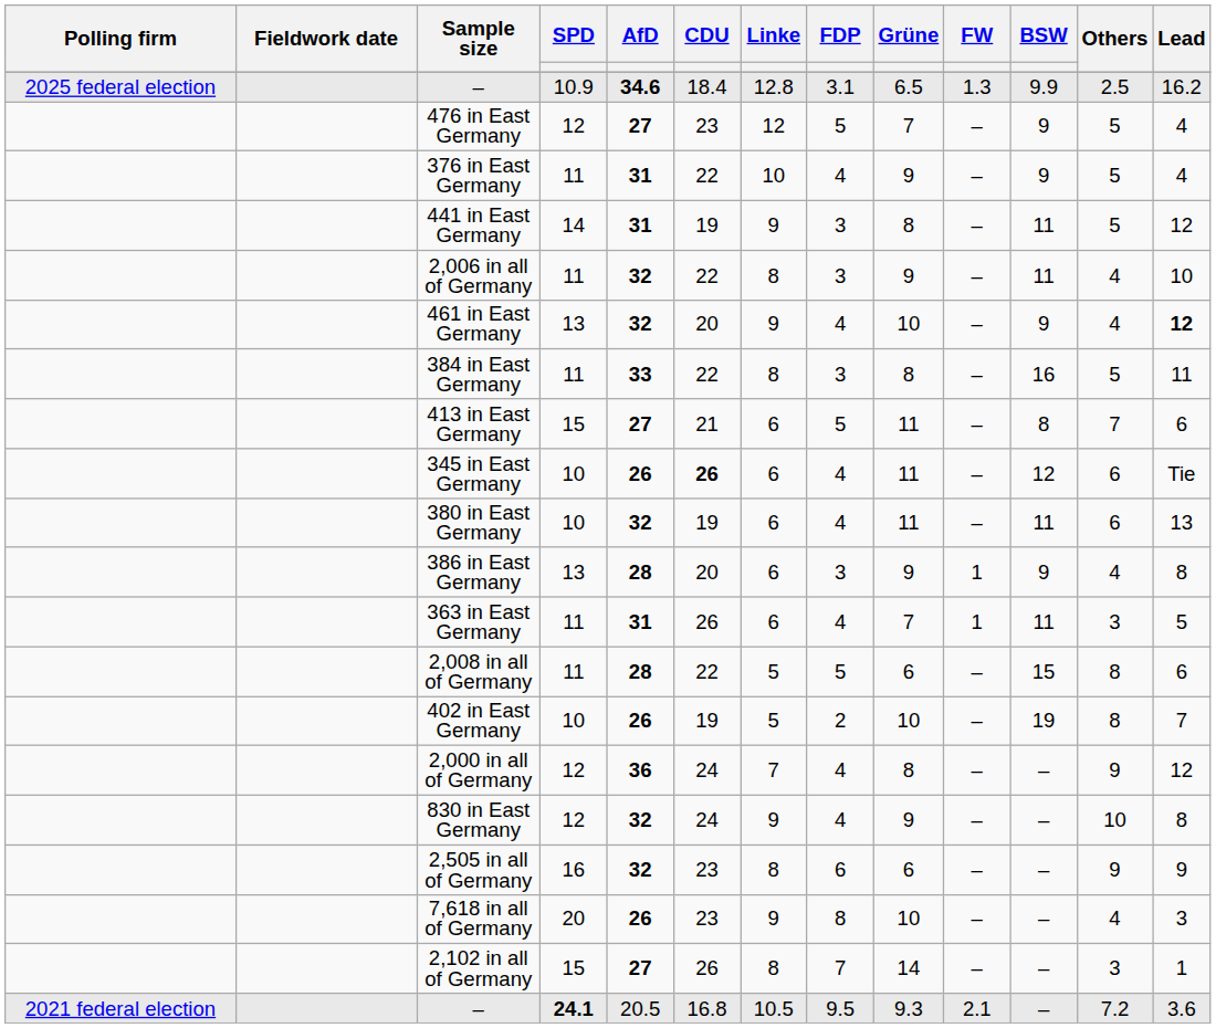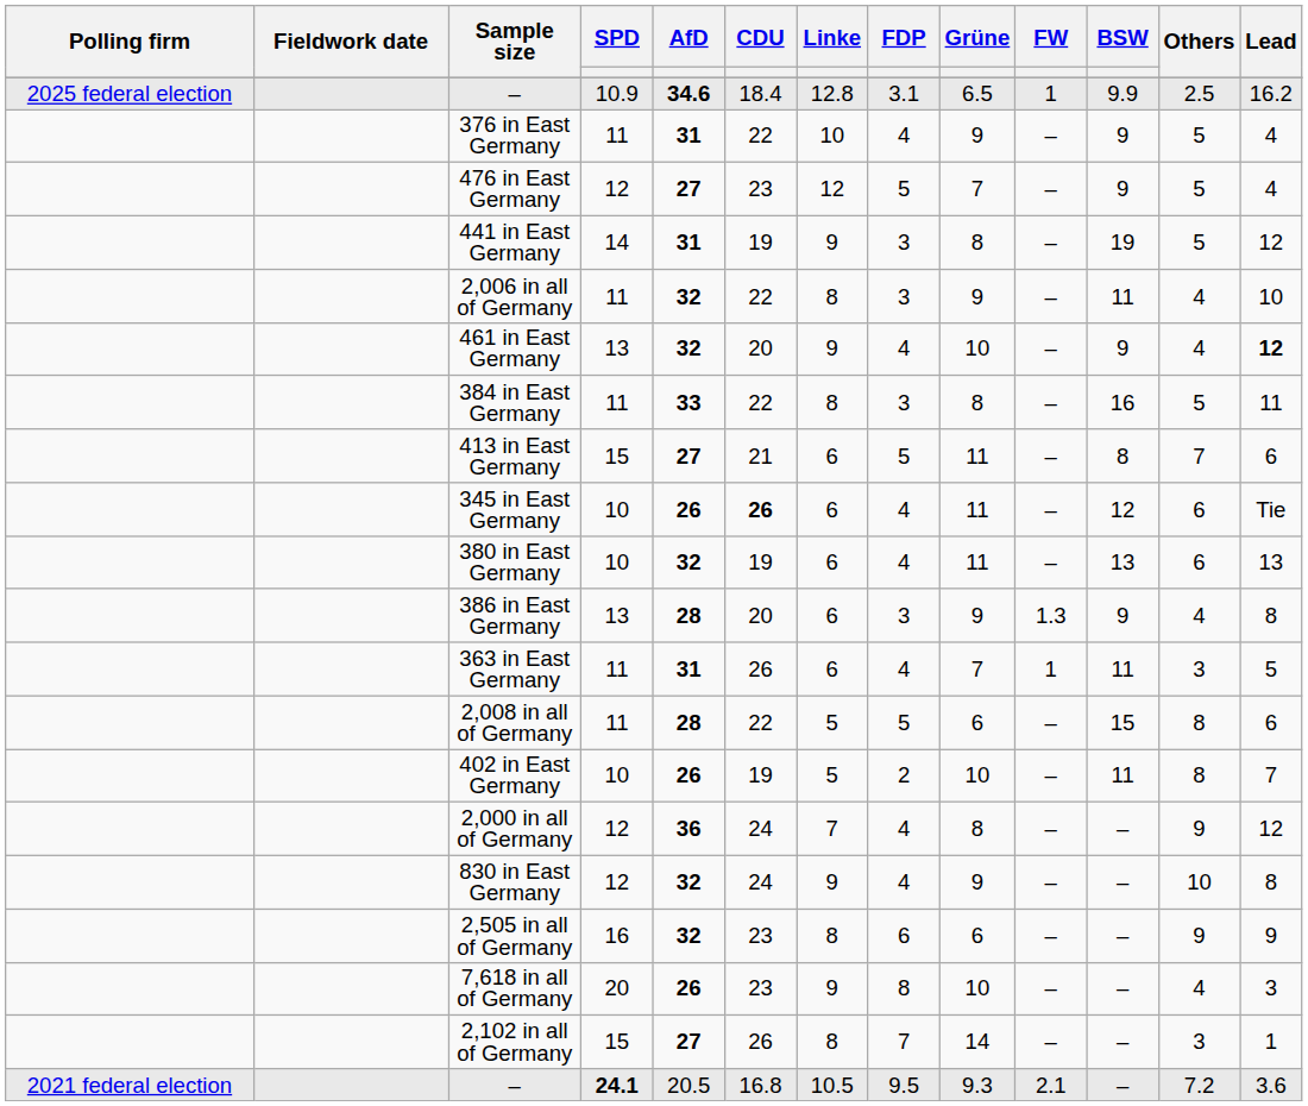 <table class="wikitable sortable mw-datatable mw-collapsible" style="text-align:center;font-size:90%;line-height:14px;">
 <tr style="height:40px;">
 <th style="width:155px;" rowspan="2">Polling firm</th>
 <th style="width:120px;" rowspan="2">Fieldwork date</th>
 <th style="width: 80px;" rowspan="2">Sample<br>size</th>
 <th class="unsortable" style="width:40px;"><a href='#'>SPD</a></th>
 <th class="unsortable" style="width:40px;"><a href='#'>AfD</a></th>
 <th class="unsortable" style="width:40px;"><a href='#'>CDU</a></th>
 <th class="unsortable" style="width:40px;"><a href='#'>Linke</a></th>
 <th class="unsortable" style="width:40px;"><a href='#'>FDP</a></th>
 <th class="unsortable" style="width:40px;"><a href='#'>Grüne</a></th>
 <th class="unsortable" style="width:40px;"><a href='#'>FW</a></th>
 <th class="unsortable" style="width:40px;"><a href='#'>BSW</a></th>
 <th class="unsortable" style="width:30px;" rowspan="2">Others</th>
 <th style="width:30px;" rowspan="2">Lead</th>
 </tr>
 <tr>
 <th style="background:"></th>
 <th style="background:"></th>
 <th style="background:"></th>
 <th style="background:"></th>
 <th style="background:"></th>
 <th style="background:"></th>
 <th style="background:"></th>
 <th style="background:"></th>
 </tr>
 <tr>
 </tr>
 <tr style="background:#E9E9E9;">
 <td><a href='#'>2025 federal election</a></td>
 <td></td>
 <td>–</td>
 <td>10.9</td>
 <td><strong>34.6</strong></td>
 <td>18.4</td>
 <td>12.8</td>
 <td>3.1</td>
 <td>6.5</td>
-<td>1.3</td>
+<td>1</td>
 <td>9.9</td>
 <td>2.5</td>
 <td style="background:">16.2</td>
+</tr>
+<tr>
+<td></td>
+<td></td>
+<td>376 in East Germany</td>
+<td>11</td>
+<td><strong>31</strong></td>
+<td>22</td>
+<td>10</td>
+<td>4</td>
+<td>9</td>
+<td>–</td>
+<td>9</td>
+<td>5</td>
+<td style="background:">4</td>
 </tr>
 <tr>
 <td></td>
 <td></td>
 <td>476 in East Germany</td>
 <td>12</td>
 <td><strong>27</strong></td>
 <td>23</td>
 <td>12</td>
 <td>5</td>
 <td>7</td>
 <td>–</td>
 <td>9</td>
 <td>5</td>
 <td style="background:">4</td>
 </tr>
 <tr>
 <td></td>
 <td></td>
-<td>376 in East Germany</td>
-<td>11</td>
-<td><strong>31</strong></td>
-<td>22</td>
-<td>10</td>
-<td>4</td>
-<td>9</td>
-<td>–</td>
-<td>9</td>
-<td>5</td>
-<td style="background:">4</td>
-</tr>
-<tr>
-<td></td>
-<td></td>
 <td>441 in East Germany</td>
 <td>14</td>
 <td><strong>31</strong></td>
 <td>19</td>
 <td>9</td>
 <td>3</td>
 <td>8</td>
 <td>–</td>
-<td>11</td>
+<td>19</td>
 <td>5</td>
 <td style="background:">12</td>
 </tr>
 <tr>
 <td></td>
 <td></td>
 <td>2,006 in all of Germany</td>
 <td>11</td>
 <td><strong>32</strong></td>
 <td>22</td>
 <td>8</td>
 <td>3</td>
 <td>9</td>
 <td>–</td>
 <td>11</td>
 <td>4</td>
 <td style="background:">10</td>
 </tr>
 <tr>
 <td></td>
 <td></td>
 <td>461 in East Germany</td>
 <td>13</td>
 <td><strong>32</strong></td>
 <td>20</td>
 <td>9</td>
 <td>4</td>
 <td>10</td>
 <td>–</td>
 <td>9</td>
 <td>4</td>
 <td style="background:"><strong>12</strong></td>
 </tr>
 <tr>
 <td></td>
 <td></td>
 <td>384 in East Germany</td>
 <td>11</td>
 <td><strong>33</strong></td>
 <td>22</td>
 <td>8</td>
 <td>3</td>
 <td>8</td>
 <td>–</td>
 <td>16</td>
 <td>5</td>
 <td style="background:">11</td>
 </tr>
 <tr>
 <td></td>
 <td></td>
 <td>413 in East Germany</td>
 <td>15</td>
 <td><strong>27</strong></td>
 <td>21</td>
 <td>6</td>
 <td>5</td>
 <td>11</td>
 <td>–</td>
 <td>8</td>
 <td>7</td>
 <td style="background:">6</td>
 </tr>
 <tr>
 <td></td>
 <td></td>
 <td>345 in East Germany</td>
 <td>10</td>
 <td><strong>26</strong></td>
 <td><strong>26</strong></td>
 <td>6</td>
 <td>4</td>
 <td>11</td>
 <td>–</td>
 <td>12</td>
 <td>6</td>
 <td>Tie</td>
 </tr>
 <tr>
 <td></td>
 <td></td>
 <td>380 in East Germany</td>
 <td>10</td>
 <td><strong>32</strong></td>
 <td>19</td>
 <td>6</td>
 <td>4</td>
 <td>11</td>
 <td>–</td>
-<td>11</td>
+<td>13</td>
 <td>6</td>
 <td style="background:">13</td>
 </tr>
 <tr>
 <td></td>
 <td></td>
 <td>386 in East Germany</td>
 <td>13</td>
 <td><strong>28</strong></td>
 <td>20</td>
 <td>6</td>
 <td>3</td>
 <td>9</td>
-<td>1</td>
+<td>1.3</td>
 <td>9</td>
 <td>4</td>
 <td style="background:">8</td>
 </tr>
 <tr>
 <td></td>
 <td></td>
 <td>363 in East Germany</td>
 <td>11</td>
 <td><strong>31</strong></td>
 <td>26</td>
 <td>6</td>
 <td>4</td>
 <td>7</td>
 <td>1</td>
 <td>11</td>
 <td>3</td>
 <td style="background:">5</td>
 </tr>
 <tr>
 <td></td>
 <td></td>
 <td>2,008 in all of Germany</td>
 <td>11</td>
 <td><strong>28</strong></td>
 <td>22</td>
 <td>5</td>
 <td>5</td>
 <td>6</td>
 <td>–</td>
 <td>15</td>
 <td>8</td>
 <td style="background:">6</td>
 </tr>
 <tr>
 <td></td>
 <td></td>
 <td>402 in East Germany</td>
 <td>10</td>
 <td><strong>26</strong></td>
 <td>19</td>
 <td>5</td>
 <td>2</td>
 <td>10</td>
 <td>–</td>
-<td>19</td>
+<td>11</td>
 <td>8</td>
 <td style="background:">7</td>
 </tr>
 <tr>
 <td></td>
 <td></td>
 <td>2,000 in all of Germany</td>
 <td>12</td>
 <td><strong>36</strong></td>
 <td>24</td>
 <td>7</td>
 <td>4</td>
 <td>8</td>
 <td>–</td>
 <td>–</td>
 <td>9</td>
 <td style="background:">12</td>
 </tr>
 <tr>
 <td></td>
 <td></td>
 <td>830 in East Germany</td>
 <td>12</td>
 <td><strong>32</strong></td>
 <td>24</td>
 <td>9</td>
 <td>4</td>
 <td>9</td>
 <td>–</td>
 <td>–</td>
 <td>10</td>
 <td style="background:">8</td>
 </tr>
 <tr>
 <td></td>
 <td></td>
 <td>2,505 in all of Germany</td>
 <td>16</td>
 <td><strong>32</strong></td>
 <td>23</td>
 <td>8</td>
 <td>6</td>
 <td>6</td>
 <td>–</td>
 <td>–</td>
 <td>9</td>
 <td style="background:">9</td>
 </tr>
 <tr>
 <td></td>
 <td></td>
 <td>7,618 in all of Germany</td>
 <td>20</td>
 <td><strong>26</strong></td>
 <td>23</td>
 <td>9</td>
 <td>8</td>
 <td>10</td>
 <td>–</td>
 <td>–</td>
 <td>4</td>
 <td style="background:">3</td>
 </tr>
 <tr>
 <td></td>
 <td></td>
 <td>2,102 in all of Germany</td>
 <td>15</td>
 <td><strong>27</strong></td>
 <td>26</td>
 <td>8</td>
 <td>7</td>
 <td>14</td>
 <td>–</td>
 <td>–</td>
 <td>3</td>
 <td style="background:">1</td>
 </tr>
 <tr style="background:#E9E9E9;">
 <td><a href='#'>2021 federal election</a></td>
 <td></td>
 <td>–</td>
 <td><strong>24.1</strong></td>
 <td style="background:#E9E9E9;">20.5</td>
 <td style="background:#E9E9E9;">16.8</td>
 <td style="background:#E9E9E9;">10.5</td>
 <td style="background:#E9E9E9;">9.5</td>
 <td style="background:#E9E9E9;">9.3</td>
 <td style="background:#E9E9E9;">2.1</td>
 <td style="background:#E9E9E9;">–</td>
 <td style="background:#E9E9E9;">7.2</td>
 <td style="background:">3.6</td>
 </tr>
 </table>
